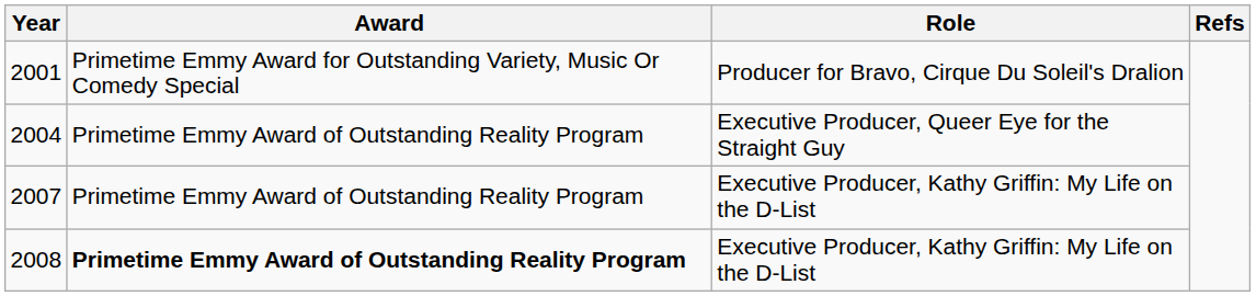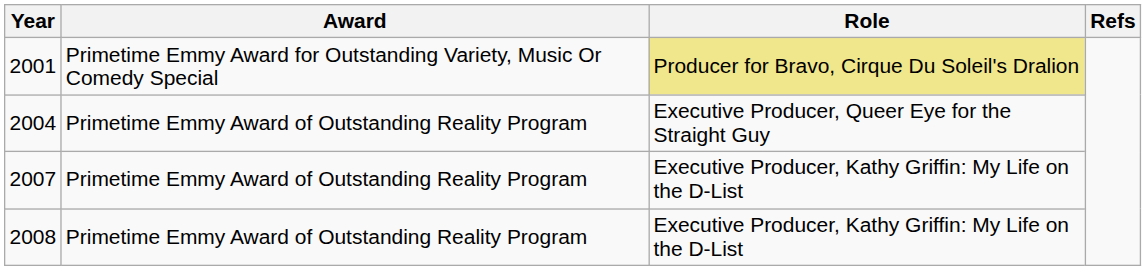 <table class="wikitable plainrowheaders">
 <tr>
 <th>Year</th>
 <th>Award</th>
 <th>Role</th>
 <th>Refs</th>
 </tr>
 <tr>
 <td>2001</td>
 <td>Primetime Emmy Award for Outstanding Variety, Music Or Comedy Special</td>
-<td>Producer for Bravo, Cirque Du Soleil's Dralion</td>
+<td style="background: khaki;">Producer for Bravo, Cirque Du Soleil's Dralion</td>
 <td rowspan="4"></td>
 </tr>
 <tr>
 <td>2004</td>
 <td>Primetime Emmy Award of Outstanding Reality Program</td>
 <td>Executive Producer, Queer Eye for the Straight Guy</td>
 </tr>
 <tr>
 <td>2007</td>
 <td>Primetime Emmy Award of Outstanding Reality Program</td>
 <td>Executive Producer, Kathy Griffin: My Life on the D-List</td>
 </tr>
 <tr>
 <td>2008</td>
-<td><strong>Primetime Emmy Award of Outstanding Reality Program</strong></td>
+<td>Primetime Emmy Award of Outstanding Reality Program</td>
 <td>Executive Producer, Kathy Griffin: My Life on the D-List</td>
 </tr>
 </table>
